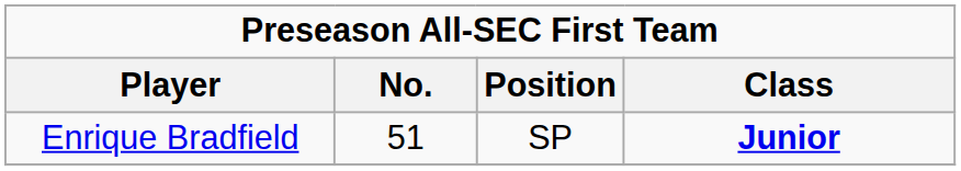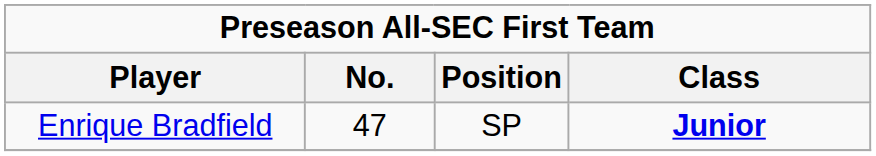 <table class="wikitable" style="text-align:center">
 <tr>
 <td colspan="5"><strong>Preseason All-SEC First Team</strong></td>
 </tr>
 <tr>
 <th style="width:150px; ">Player</th>
 <th style="width:60px; ">No.</th>
 <th style="width:60px; ">Position</th>
 <th style="width:150px; ">Class</th>
 </tr>
 <tr>
 <td><a href='#'>Enrique Bradfield</a></td>
-<td>51</td>
+<td>47</td>
 <td>SP</td>
 <td><strong><a href='#'>Junior</a></strong></td>
 </tr>
 <tr>
 </tr>
 </table>
